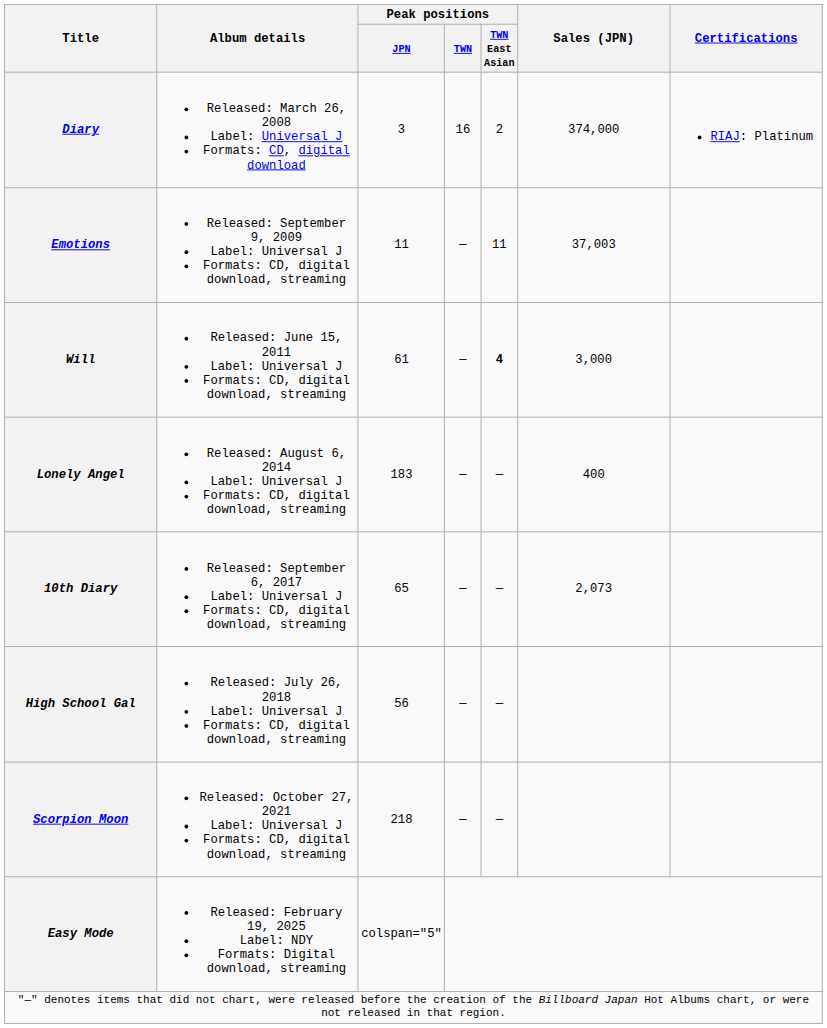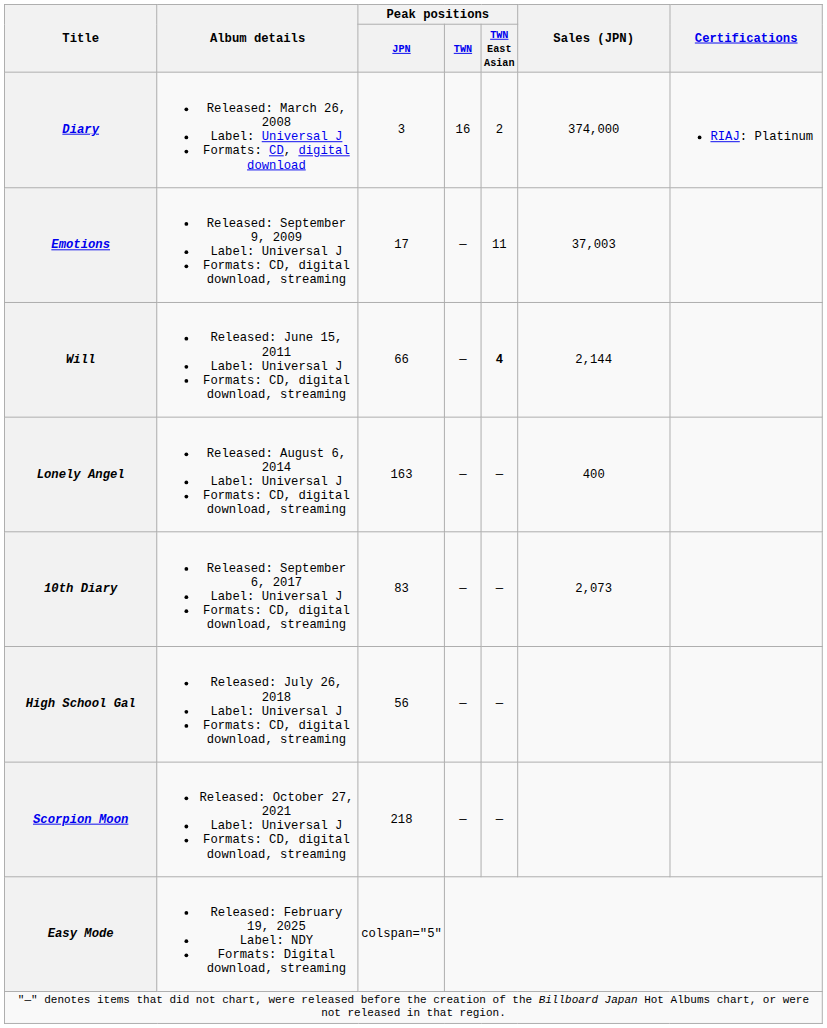 <table class="wikitable plainrowheaders" style="text-align:center;">
 <tr>
 <th style="width:12em;" rowspan="2">Title</th>
 <th style="width:16em;" rowspan="2">Album details</th>
 <th colspan="3">Peak positions</th>
 <th style="width:12em;" rowspan="2">Sales (JPN)</th>
 <th style="width:12em;" rowspan="2"><a href='#'>Certifications</a></th>
 </tr>
 <tr>
 <th style="width:2.5em;"><small><a href='#'>JPN</a></small><br></th>
 <th style="width:2.5em;"><small><a href='#'>TWN</a></small><br></th>
 <th style="width:2.5em;"><small><a href='#'>TWN</a> East Asian</small><br></th>
 </tr>
 <tr>
 <th scope="row"><em><a href='#'>Diary</a></em></th>
 <td><br><ul><li>Released: March 26, 2008 </li><li>Label: <a href='#'>Universal J</a></li><li>Formats: <a href='#'>CD</a>, <a href='#'>digital download</a></li></ul></td>
 <td>3</td>
 <td>16</td>
 <td>2</td>
 <td>374,000</td>
 <td align="left"><br><ul><li><a href='#'>RIAJ</a>: Platinum</li></ul></td>
 </tr>
 <tr>
 <th scope="row"><em><a href='#'>Emotions</a></em></th>
 <td><br><ul><li>Released: September 9, 2009 </li><li>Label: Universal J</li><li>Formats: CD, digital download, streaming</li></ul></td>
-<td>11</td>
+<td>17</td>
 <td>—</td>
 <td>11</td>
 <td>37,003</td>
 <td align="left"></td>
 </tr>
 <tr>
 <th scope="row"><em>Will</em></th>
 <td><br><ul><li>Released: June 15, 2011 </li><li>Label: Universal J</li><li>Formats: CD, digital download, streaming</li></ul></td>
-<td>61</td>
+<td>66</td>
 <td>—</td>
 <td><strong>4</strong></td>
-<td>3,000</td>
+<td>2,144</td>
 <td align="left"></td>
 </tr>
 <tr>
 <th scope="row"><em>Lonely Angel</em></th>
 <td><br><ul><li>Released: August 6, 2014 </li><li>Label: Universal J</li><li>Formats: CD, digital download, streaming</li></ul></td>
-<td>183</td>
+<td>163</td>
 <td>—</td>
 <td>—</td>
 <td>400</td>
 <td align="left"></td>
 </tr>
 <tr>
 <th scope="row"><em>10th Diary</em></th>
 <td><br><ul><li>Released: September 6, 2017 </li><li>Label: Universal J</li><li>Formats: CD, digital download, streaming</li></ul></td>
-<td>65</td>
+<td>83</td>
 <td>—</td>
 <td>—</td>
 <td>2,073</td>
 <td align="left"></td>
 </tr>
 <tr>
 <th scope="row"><em>High School Gal</em></th>
 <td><br><ul><li>Released: July 26, 2018 </li><li>Label: Universal J</li><li>Formats: CD, digital download, streaming</li></ul></td>
 <td>56</td>
 <td>—</td>
 <td>—</td>
 <td></td>
 <td align="left"></td>
 </tr>
 <tr>
 <th scope="row"><em><a href='#'>Scorpion Moon</a></em></th>
 <td><br><ul><li>Released: October 27, 2021</li><li>Label: Universal J</li><li>Formats: CD, digital download, streaming</li></ul></td>
 <td>218</td>
 <td>—</td>
 <td>—</td>
 <td></td>
 <td></td>
 </tr>
 <tr>
 <th scope="row"><em>Easy Mode</em></th>
 <td><br><ul><li>Released: February 19, 2025</li><li>Label: NDY</li><li>Formats: Digital download, streaming</li></ul></td>
 <td>colspan="5" </td>
 </tr>
 <tr>
 <td colspan="10" align="center" style="font-size:90%;">"—" denotes items that did not chart, were released before the creation of the <em>Billboard Japan</em> Hot Albums chart, or were not released in that region.</td>
 </tr>
 </table>
